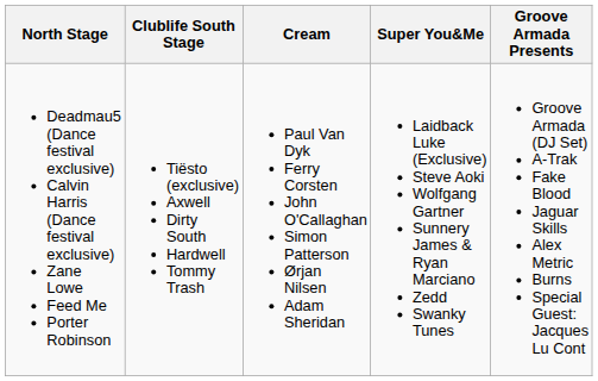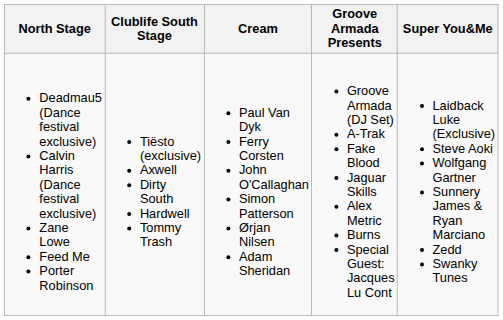 <table class="wikitable">
 <tr>
 <th>North Stage</th>
 <th>Clublife South Stage</th>
 <th>Cream</th>
+<th>Groove Armada Presents</th>
 <th>Super You&Me</th>
-<th>Groove Armada Presents</th>
 </tr>
 <tr>
 <td><br><ul><li>Deadmau5 (Dance festival exclusive)</li><li>Calvin Harris (Dance festival exclusive)</li><li>Zane Lowe</li><li>Feed Me</li><li>Porter Robinson</li></ul></td>
 <td><br><ul><li>Tiësto (exclusive)</li><li>Axwell</li><li>Dirty South</li><li>Hardwell</li><li>Tommy Trash</li></ul></td>
 <td><br><ul><li>Paul Van Dyk</li><li>Ferry Corsten</li><li>John O'Callaghan</li><li>Simon Patterson</li><li>Ørjan Nilsen</li><li>Adam Sheridan</li></ul></td>
+<td><br><ul><li>Groove Armada (DJ Set)</li><li>A-Trak</li><li>Fake Blood</li><li>Jaguar Skills</li><li>Alex Metric</li><li>Burns</li><li>Special Guest: Jacques Lu Cont</li></ul></td>
 <td><br><ul><li>Laidback Luke (Exclusive)</li><li>Steve Aoki</li><li>Wolfgang Gartner</li><li>Sunnery James & Ryan Marciano</li><li>Zedd</li><li>Swanky Tunes</li></ul></td>
-<td><br><ul><li>Groove Armada (DJ Set)</li><li>A-Trak</li><li>Fake Blood</li><li>Jaguar Skills</li><li>Alex Metric</li><li>Burns</li><li>Special Guest: Jacques Lu Cont</li></ul></td>
 </tr>
 </table>
